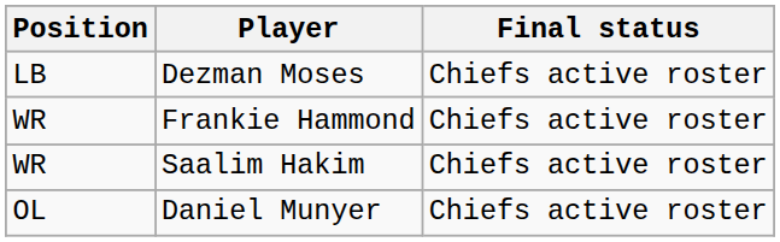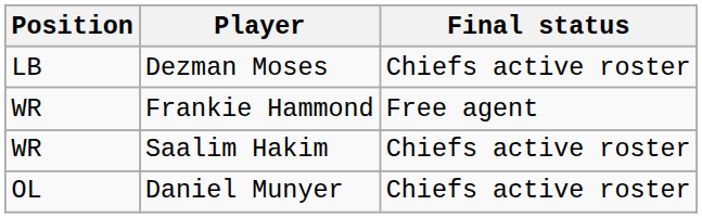 <table class="wikitable sortable">
 <tr>
 <th>Position</th>
 <th>Player</th>
 <th>Final status</th>
 </tr>
 <tr>
 <td>LB</td>
 <td>Dezman Moses</td>
 <td>Chiefs active roster</td>
 </tr>
 <tr>
 <td>WR</td>
 <td>Frankie Hammond</td>
-<td>Chiefs active roster</td>
+<td>Free agent</td>
 </tr>
 <tr>
 <td>WR</td>
 <td>Saalim Hakim</td>
 <td>Chiefs active roster</td>
 </tr>
 <tr>
 <td>OL</td>
 <td>Daniel Munyer</td>
 <td>Chiefs active roster</td>
 </tr>
 </table>
